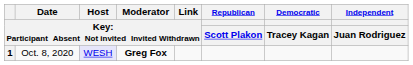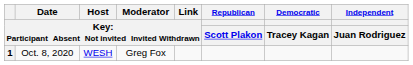 <table class="wikitable" style="text-align:center;">
 <tr>
 <th scope="col"></th>
 <th scope="col">Date</th>
 <th scope="col">Host</th>
 <th scope="col">Moderator</th>
 <th scope="col">Link</th>
 <th scope="col"><small><a href='#'>Republican</a></small></th>
 <th scope="col"><small><a href='#'>Democratic</a></small></th>
 <th scope="col"><small><a href='#'>Independent</a></small></th>
 </tr>
 <tr>
 <th colspan="5" rowspan="2">Key:<br> <small>Participant </small>  <small>Absent </small>  <small>Not invited </small>  <small>Invited  Withdrawn</small></th>
 <th scope="col" style="background:"></th>
 <th scope="col" style="background:"></th>
 <th scope="col" style="background:"></th>
 </tr>
 <tr>
 <th scope="col"><a href='#'>Scott Plakon</a></th>
 <th scope="col">Tracey Kagan</th>
 <th scope="col">Juan Rodriguez</th>
 </tr>
 <tr>
 <th>1</th>
 <td style="white-space:nowrap;">Oct. 8, 2020</td>
-<td style="background: lavender; white-space:nowrap;"><a href='#'>WESH</a></td>
-<td style="white-space:nowrap;"><strong>Greg Fox</strong></td>
+<td style="white-space:nowrap;"><a href='#'>WESH</a></td>
+<td style="white-space:nowrap;">Greg Fox</td>
 <td style="white-space:nowrap;"></td>
 <td></td>
 <td></td>
 <td></td>
 </tr>
 </table>
